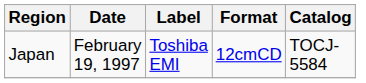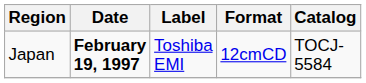 <table class="wikitable" style="margin:0 font-size:small; width:50%">
 <tr>
 <th>Region</th>
 <th>Date</th>
 <th>Label</th>
 <th>Format</th>
 <th>Catalog</th>
 </tr>
 <tr>
 <td>Japan</td>
-<td>February 19, 1997</td>
+<td><strong>February 19, 1997</strong></td>
 <td><a href='#'>Toshiba EMI</a></td>
 <td><a href='#'>12cmCD</a></td>
 <td>TOCJ-5584</td>
 </tr>
 <tr>
 </tr>
 </table>
